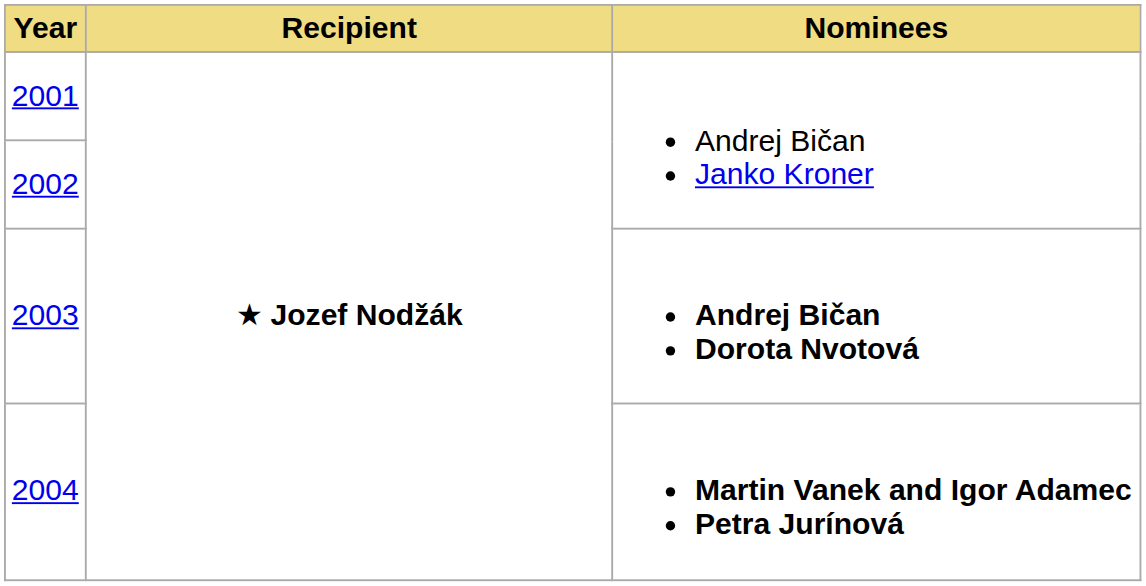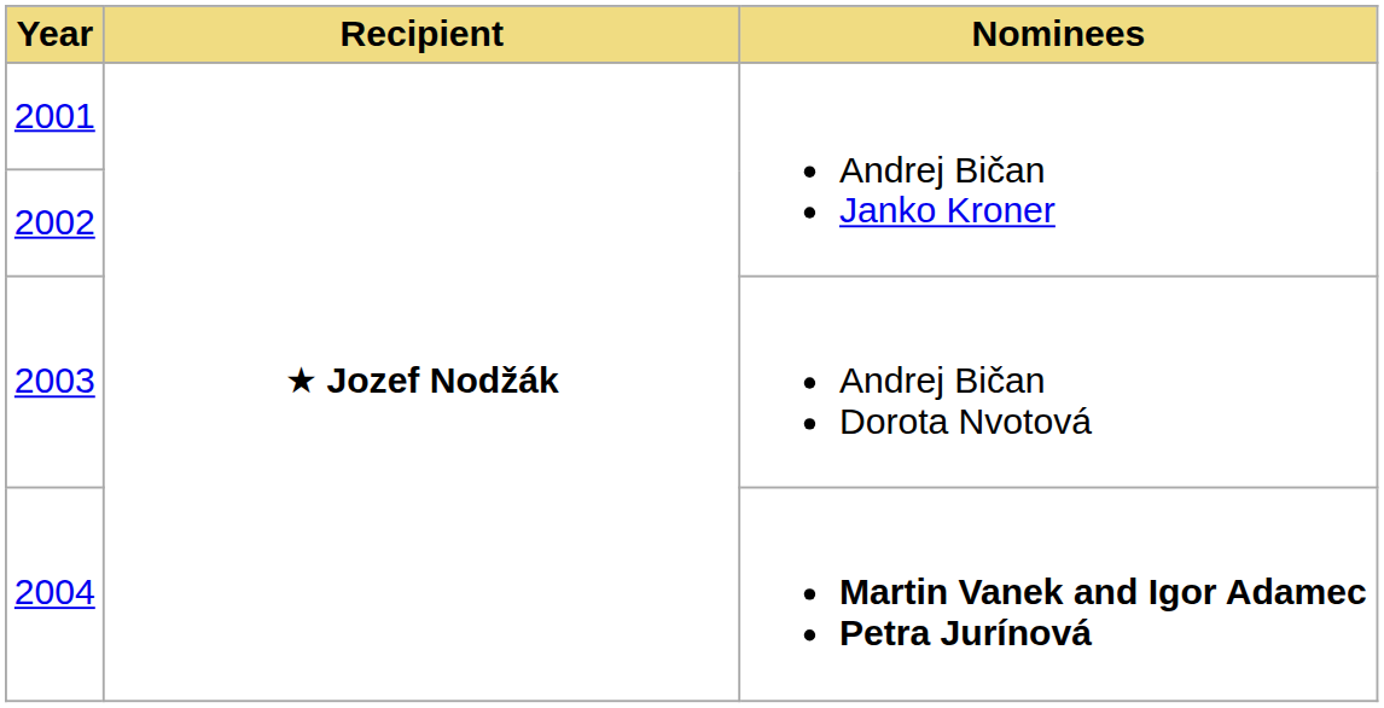 <table class=wikitable sortable style="background:white">
 <tr>
 <th style=background:#F0DC82>Year</th>
 <th style=background:#F0DC82 width=273>Recipient</th>
 <th style=background:#F0DC82 width=273>Nominees</th>
 </tr>
 <tr>
 <td><a href='#'>2001</a></td>
 <td align=center rowspan=4>★ <strong>Jozef Nodžák</strong> <br></td>
 <td rowspan=2><br><ul><li>Andrej Bičan</li><li><a href='#'>Janko Kroner</a></li></ul></td>
 </tr>
 <tr>
 <td><a href='#'>2002</a></td>
 </tr>
 <tr>
 <td><a href='#'>2003</a></td>
-<td><strong><br><ul><li>Andrej Bičan</li><li>Dorota Nvotová</li></ul></strong></td>
+<td><br><ul><li>Andrej Bičan</li><li>Dorota Nvotová</li></ul></td>
 </tr>
 <tr>
 <td><a href='#'>2004</a></td>
 <td><strong><br><ul><li>Martin Vanek and Igor Adamec</li><li>Petra Jurínová</li></ul></strong></td>
 </tr>
 </table>
